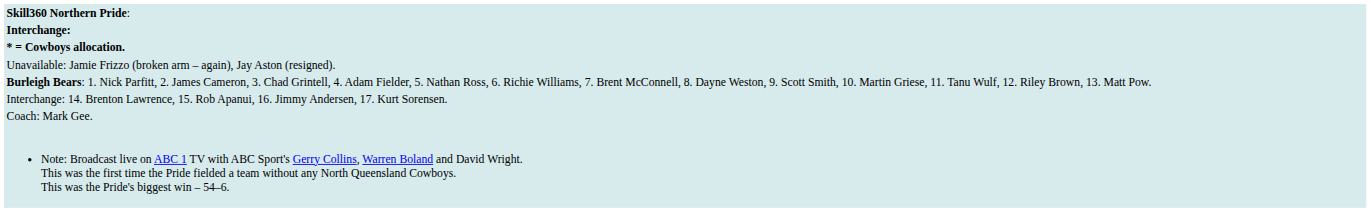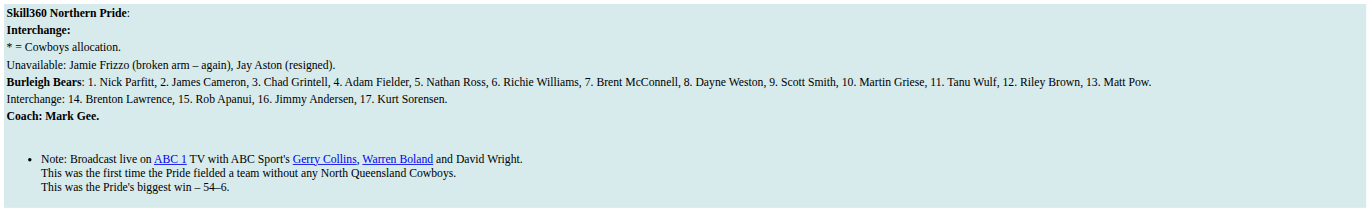 <table style="background:#d7ebed; font-size:85%; width:100%;">
 <tr>
 <td><strong>Skill360 Northern Pride</strong>:             </td>
 </tr>
 <tr>
 <td><strong>Interchange:    </strong></td>
 </tr>
 <tr>
-<td><strong>* = Cowboys allocation.</strong></td>
+<td>* = Cowboys allocation.</td>
 </tr>
 <tr>
 <td>Unavailable: Jamie Frizzo (broken arm – again), Jay Aston (resigned).</td>
 </tr>
 <tr>
 <td><strong>Burleigh Bears</strong>: 1. Nick Parfitt, 2. James Cameron, 3. Chad Grintell, 4. Adam Fielder, 5. Nathan Ross, 6. Richie Williams, 7. Brent McConnell, 8. Dayne Weston, 9. Scott Smith, 10. Martin Griese, 11. Tanu Wulf, 12. Riley Brown, 13. Matt Pow.</td>
 </tr>
 <tr>
 <td>Interchange: 14. Brenton Lawrence, 15. Rob Apanui, 16. Jimmy Andersen, 17. Kurt Sorensen.</td>
 </tr>
 <tr>
-<td>Coach: Mark Gee.</td>
+<td><strong>Coach: Mark Gee.</strong></td>
 </tr>
 <tr>
 <td><br><ul><li>Note: Broadcast live on <a href='#'>ABC 1</a> TV with ABC Sport's <a href='#'>Gerry Collins</a>, <a href='#'>Warren Boland</a> and David Wright.<br>This was the first time the Pride fielded a team without any North Queensland Cowboys.<br>This was the Pride's biggest win – 54–6.</li></ul></td>
 </tr>
 </table>
